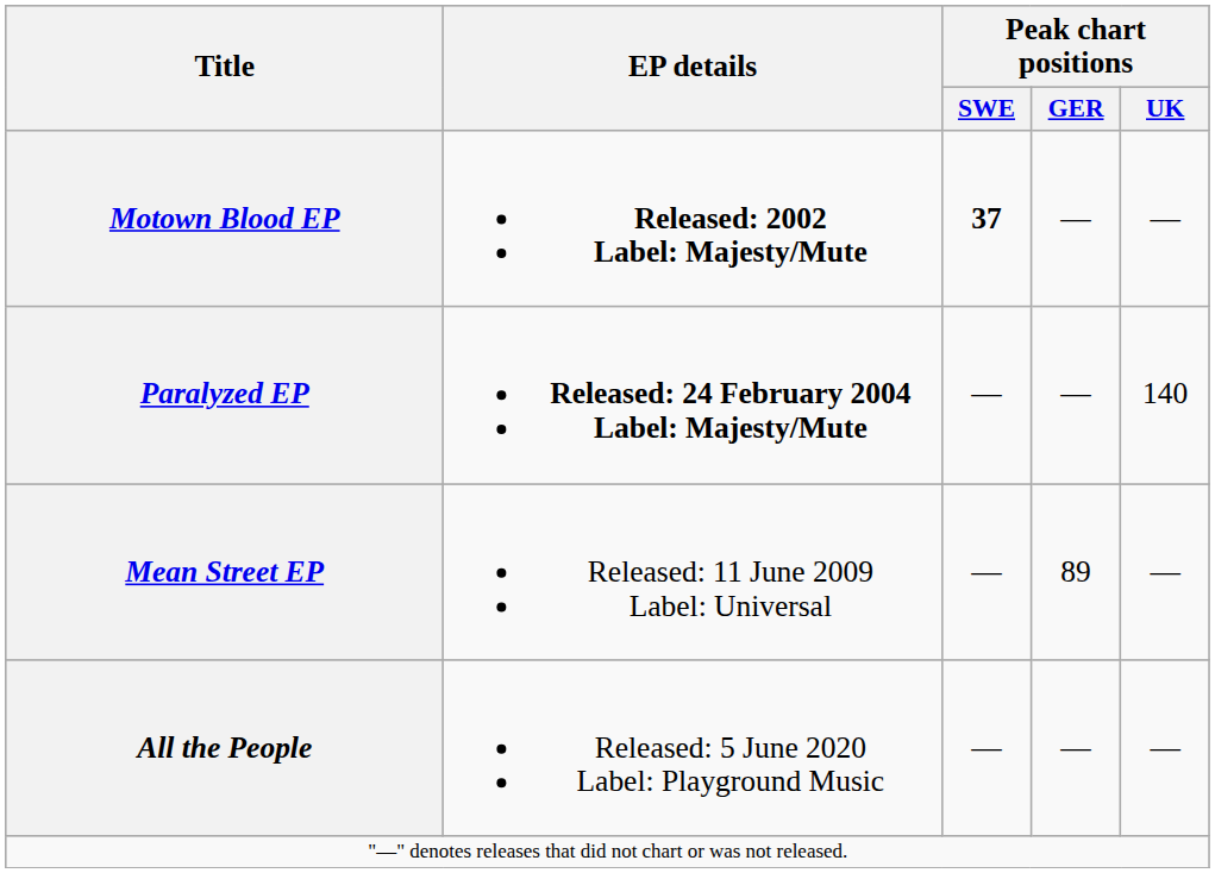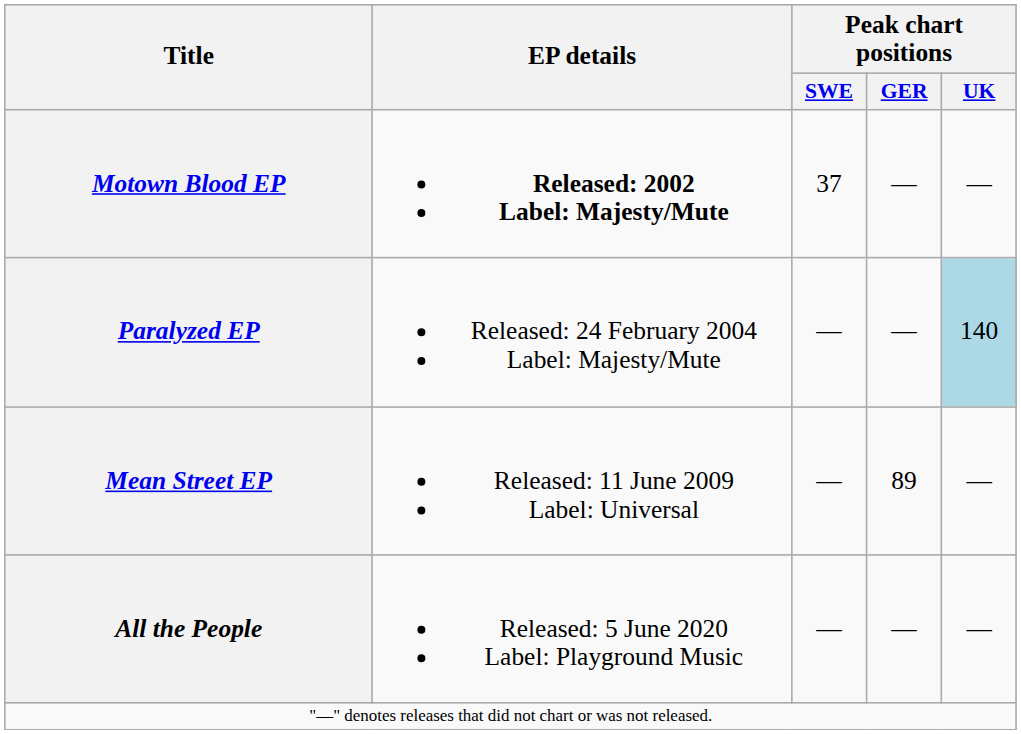 <table class="wikitable plainrowheaders" style="text-align:center;" border="1">
 <tr>
 <th scope="col" rowspan="2" style="width:14em;">Title</th>
 <th scope="col" rowspan="2" style="width:16em;">EP details</th>
 <th scope="col" colspan="3">Peak chart positions</th>
 </tr>
 <tr>
 <th scope="col" style="width:3em;font-size:85%;"><a href='#'>SWE</a><br></th>
 <th scope="col" style="width:3em;font-size:85%;"><a href='#'>GER</a><br></th>
 <th scope="col" style="width:3em;font-size:85%;"><a href='#'>UK</a><br></th>
 </tr>
 <tr>
 <th scope="row"><em><a href='#'>Motown Blood EP</a></em></th>
 <td><strong><br><ul><li>Released: 2002</li><li>Label: Majesty/Mute</li></ul></strong></td>
-<td><strong>37</strong></td>
+<td>37</td>
 <td>—</td>
 <td>—</td>
 </tr>
 <tr>
 <th scope="row"><em><a href='#'>Paralyzed EP</a></em></th>
-<td><strong><br><ul><li>Released: 24 February 2004</li><li>Label: Majesty/Mute</li></ul></strong></td>
+<td><br><ul><li>Released: 24 February 2004</li><li>Label: Majesty/Mute</li></ul></td>
 <td>—</td>
 <td>—</td>
-<td>140</td>
+<td style="background: lightblue;">140</td>
 </tr>
 <tr>
 <th scope="row"><em><a href='#'>Mean Street EP</a></em></th>
 <td><br><ul><li>Released: 11 June 2009</li><li>Label: Universal</li></ul></td>
 <td>—</td>
 <td>89</td>
 <td>—</td>
 </tr>
 <tr>
 <th scope="row"><em>All the People</em></th>
 <td><br><ul><li>Released: 5 June 2020</li><li>Label: Playground Music</li></ul></td>
 <td>—</td>
 <td>—</td>
 <td>—</td>
 </tr>
 <tr>
 <td colspan="23" style="text-align:center; font-size:8pt;">"—" denotes releases that did not chart or was not released.</td>
 </tr>
 </table>
